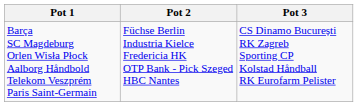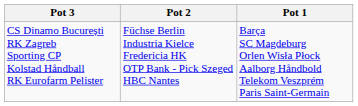 <table class="wikitable">
 <tr>
+<th style="width:33%;">Pot 3</th>
+<th style="width:33%;">Pot 2</th>
 <th style="width:33%;">Pot 1</th>
-<th style="width:33%;">Pot 2</th>
-<th style="width:33%;">Pot 3</th>
 </tr>
 <tr>
+<td valign="top"> <a href='#'>CS Dinamo București</a><br> <a href='#'>RK Zagreb</a><br> <a href='#'>Sporting CP</a><br> <a href='#'>Kolstad Håndball</a><br> <a href='#'>RK Eurofarm Pelister</a></td>
+<td valign="top"> <a href='#'>Füchse Berlin</a><br> <a href='#'>Industria Kielce</a><br> <a href='#'>Fredericia HK</a><br> <a href='#'>OTP Bank - Pick Szeged</a><br> <a href='#'>HBC Nantes</a></td>
 <td valign="top"> <a href='#'>Barça</a><br> <a href='#'>SC Magdeburg</a><br> <a href='#'>Orlen Wisła Płock</a><br> <a href='#'>Aalborg Håndbold</a><br> <a href='#'>Telekom Veszprém</a><br> <a href='#'>Paris Saint-Germain</a></td>
-<td valign="top"> <a href='#'>Füchse Berlin</a><br> <a href='#'>Industria Kielce</a><br> <a href='#'>Fredericia HK</a><br> <a href='#'>OTP Bank - Pick Szeged</a><br> <a href='#'>HBC Nantes</a></td>
-<td valign="top"> <a href='#'>CS Dinamo București</a><br> <a href='#'>RK Zagreb</a><br> <a href='#'>Sporting CP</a><br> <a href='#'>Kolstad Håndball</a><br> <a href='#'>RK Eurofarm Pelister</a></td>
 </tr>
 </table>
